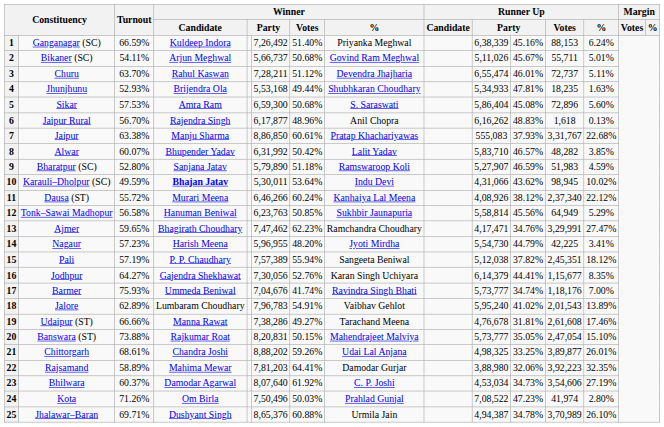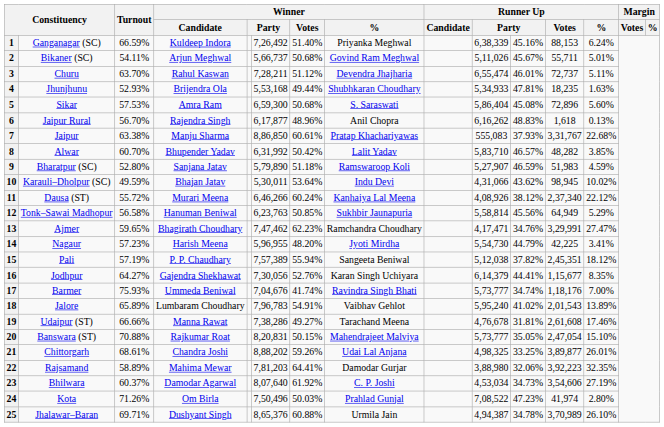 <table class="wikitable sortable" style="text-align:center;">
 <tr>
 <th colspan="2" rowspan="2">Constituency</th>
 <th rowspan="2">Turnout</th>
 <th colspan="5">Winner</th>
 <th colspan="5">Runner Up</th>
 <th colspan="2">Margin</th>
 </tr>
 <tr>
 <th>Candidate</th>
 <th colspan="2">Party</th>
 <th>Votes</th>
 <th>%</th>
 <th>Candidate</th>
 <th colspan="2">Party</th>
 <th>Votes</th>
 <th>%</th>
 <th>Votes</th>
 <th>%</th>
 </tr>
 <tr>
 <th>1</th>
 <td><a href='#'>Ganganagar</a> (SC)</td>
 <td>66.59%</td>
 <td><a href='#'>Kuldeep Indora</a></td>
 <td></td>
 <td>7,26,492</td>
 <td>51.40%</td>
 <td>Priyanka Meghwal</td>
 <td></td>
 <td>6,38,339</td>
 <td>45.16%</td>
 <td style="background:">88,153</td>
 <td style="background:">6.24%</td>
 </tr>
 <tr>
 <th>2</th>
 <td><a href='#'>Bikaner</a> (SC)</td>
 <td>54.11%</td>
 <td><a href='#'>Arjun Meghwal</a></td>
 <td></td>
 <td>5,66,737</td>
 <td>50.68%</td>
 <td><a href='#'>Govind Ram Meghwal</a></td>
 <td></td>
 <td>5,11,026</td>
 <td>45.67%</td>
 <td style="background:">55,711</td>
 <td style="background:">5.01%</td>
 </tr>
 <tr>
 <th>3</th>
 <td><a href='#'>Churu</a></td>
 <td>63.70%</td>
 <td><a href='#'>Rahul Kaswan</a></td>
 <td></td>
 <td>7,28,211</td>
 <td>51.12%</td>
 <td><a href='#'>Devendra Jhajharia</a></td>
 <td></td>
 <td>6,55,474</td>
 <td>46.01%</td>
 <td style="background:">72,737</td>
 <td style="background:">5.11%</td>
 </tr>
 <tr>
 <th>4</th>
 <td><a href='#'>Jhunjhunu</a></td>
 <td>52.93%</td>
 <td><a href='#'>Brijendra Ola</a></td>
 <td></td>
 <td>5,53,168</td>
 <td>49.44%</td>
 <td><a href='#'>Shubhkaran Choudhary</a></td>
 <td></td>
 <td>5,34,933</td>
 <td>47.81%</td>
 <td style="background:">18,235</td>
 <td style="background:">1.63%</td>
 </tr>
 <tr>
 <th>5</th>
 <td><a href='#'>Sikar</a></td>
 <td>57.53%</td>
 <td><a href='#'>Amra Ram</a></td>
 <td></td>
 <td>6,59,300</td>
 <td>50.68%</td>
 <td><a href='#'>S. Saraswati</a></td>
 <td></td>
 <td>5,86,404</td>
 <td>45.08%</td>
 <td style="background:">72,896</td>
 <td style="background:">5.60%</td>
 </tr>
 <tr>
 <th>6</th>
 <td><a href='#'>Jaipur Rural</a></td>
 <td>56.70%</td>
 <td><a href='#'>Rajendra Singh</a></td>
 <td></td>
 <td>6,17,877</td>
 <td>48.96%</td>
 <td>Anil Chopra</td>
 <td></td>
 <td>6,16,262</td>
 <td>48.83%</td>
 <td style="background:">1,618</td>
 <td style="background:">0.13%</td>
 </tr>
 <tr>
 <th>7</th>
 <td><a href='#'>Jaipur</a></td>
 <td>63.38%</td>
 <td><a href='#'>Manju Sharma</a></td>
 <td></td>
 <td>8,86,850</td>
 <td>60.61%</td>
 <td><a href='#'>Pratap Khachariyawas</a></td>
 <td></td>
 <td>555,083</td>
 <td>37.93%</td>
 <td style="background:">3,31,767</td>
 <td style="background:">22.68%</td>
 </tr>
 <tr>
 <th>8</th>
 <td><a href='#'>Alwar</a></td>
-<td>60.07%</td>
+<td>60.70%</td>
 <td><a href='#'>Bhupender Yadav</a></td>
 <td></td>
 <td>6,31,992</td>
 <td>50.42%</td>
 <td><a href='#'>Lalit Yadav</a></td>
 <td></td>
 <td>5,83,710</td>
 <td>46.57%</td>
 <td style="background:">48,282</td>
 <td style="background:">3.85%</td>
 </tr>
 <tr>
 <th>9</th>
 <td><a href='#'>Bharatpur</a> (SC)</td>
 <td>52.80%</td>
 <td><a href='#'>Sanjana Jatav</a></td>
 <td></td>
 <td>5,79,890</td>
 <td>51.18%</td>
 <td><a href='#'>Ramswaroop Koli</a></td>
 <td></td>
 <td>5,27,907</td>
 <td>46.59%</td>
 <td style="background:">51,983</td>
 <td style="background:">4.59%</td>
 </tr>
 <tr>
 <th>10</th>
 <td><a href='#'>Karauli–Dholpur</a> (SC)</td>
 <td>49.59%</td>
-<td><strong><a href='#'>Bhajan Jatav</a></strong></td>
+<td><a href='#'>Bhajan Jatav</a></td>
 <td></td>
 <td>5,30,011</td>
 <td>53.64%</td>
 <td><a href='#'>Indu Devi</a></td>
 <td></td>
 <td>4,31,066</td>
 <td>43.62%</td>
 <td style="background:">98,945</td>
 <td style="background:">10.02%</td>
 </tr>
 <tr>
 <th>11</th>
 <td><a href='#'>Dausa</a> (ST)</td>
 <td>55.72%</td>
 <td><a href='#'>Murari Meena</a></td>
 <td></td>
 <td>6,46,266</td>
 <td>60.24%</td>
 <td><a href='#'>Kanhaiya Lal Meena</a></td>
 <td></td>
 <td>4,08,926</td>
 <td>38.12%</td>
 <td style="background:">2,37,340</td>
 <td style="background:">22.12%</td>
 </tr>
 <tr>
 <th>12</th>
 <td><a href='#'>Tonk–Sawai Madhopur</a></td>
 <td>56.58%</td>
 <td><a href='#'>Hanuman Beniwal</a></td>
 <td></td>
 <td>6,23,763</td>
 <td>50.85%</td>
 <td><a href='#'>Sukhbir Jaunapuria</a></td>
 <td></td>
 <td>5,58,814</td>
 <td>45.56%</td>
 <td style="background:">64,949</td>
 <td style="background:">5.29%</td>
 </tr>
 <tr>
 <th>13</th>
 <td><a href='#'>Ajmer</a></td>
 <td>59.65%</td>
 <td><a href='#'>Bhagirath Choudhary</a></td>
 <td></td>
 <td>7,47,462</td>
 <td>62.23%</td>
 <td>Ramchandra Choudhary</td>
 <td></td>
 <td>4,17,471</td>
 <td>34.76%</td>
 <td style="background:">3,29,991</td>
 <td style="background:">27.47%</td>
 </tr>
 <tr>
 <th>14</th>
 <td><a href='#'>Nagaur</a></td>
 <td>57.23%</td>
 <td><a href='#'>Harish Meena</a></td>
 <td></td>
 <td>5,96,955</td>
 <td>48.20%</td>
 <td><a href='#'>Jyoti Mirdha</a></td>
 <td></td>
 <td>5,54,730</td>
 <td>44.79%</td>
 <td style="background:">42,225</td>
 <td style="background:">3.41%</td>
 </tr>
 <tr>
 <th>15</th>
 <td><a href='#'>Pali</a></td>
 <td>57.19%</td>
 <td><a href='#'>P. P. Chaudhary</a></td>
 <td></td>
 <td>7,57,389</td>
 <td>55.94%</td>
 <td>Sangeeta Beniwal</td>
 <td></td>
 <td>5,12,038</td>
 <td>37.82%</td>
 <td style="background:">2,45,351</td>
 <td style="background:">18.12%</td>
 </tr>
 <tr>
 <th>16</th>
 <td><a href='#'>Jodhpur</a></td>
 <td>64.27%</td>
 <td><a href='#'>Gajendra Shekhawat</a></td>
 <td></td>
 <td>7,30,056</td>
 <td>52.76%</td>
 <td>Karan Singh Uchiyara</td>
 <td></td>
 <td>6,14,379</td>
 <td>44.41%</td>
 <td style="background:">1,15,677</td>
 <td style="background:">8.35%</td>
 </tr>
 <tr>
 <th>17</th>
 <td><a href='#'>Barmer</a></td>
 <td>75.93%</td>
 <td><a href='#'>Ummeda Beniwal</a></td>
 <td></td>
 <td>7,04,676</td>
 <td>41.74%</td>
 <td><a href='#'>Ravindra Singh Bhati</a></td>
 <td></td>
 <td>5,73,777</td>
 <td>34.74%</td>
 <td style="background:">1,18,176</td>
 <td style="background:">7.00%</td>
 </tr>
 <tr>
 <th>18</th>
 <td><a href='#'>Jalore</a></td>
-<td>62.89%</td>
+<td>65.89%</td>
 <td>Lumbaram Choudhary</td>
 <td></td>
 <td>7,96,783</td>
 <td>54.91%</td>
 <td>Vaibhav Gehlot</td>
 <td></td>
 <td>5,95,240</td>
 <td>41.02%</td>
 <td style="background:">2,01,543</td>
 <td style="background:">13.89%</td>
 </tr>
 <tr>
 <th>19</th>
 <td><a href='#'>Udaipur</a> (ST)</td>
 <td>66.66%</td>
 <td><a href='#'>Manna Rawat</a></td>
 <td></td>
 <td>7,38,286</td>
 <td>49.27%</td>
 <td>Tarachand Meena</td>
 <td></td>
 <td>4,76,678</td>
 <td>31.81%</td>
 <td style="background:">2,61,608</td>
 <td style="background:">17.46%</td>
 </tr>
 <tr>
 <th>20</th>
 <td><a href='#'>Banswara</a> (ST)</td>
-<td>73.88%</td>
+<td>70.88%</td>
 <td><a href='#'>Rajkumar Roat</a></td>
 <td></td>
 <td>8,20,831</td>
 <td>50.15%</td>
 <td><a href='#'>Mahendrajeet Malviya</a></td>
 <td></td>
 <td>5,73,777</td>
 <td>35.05%</td>
 <td style="background:">2,47,054</td>
 <td style="background:">15.10%</td>
 </tr>
 <tr>
 <th>21</th>
 <td><a href='#'>Chittorgarh</a></td>
 <td>68.61%</td>
 <td><a href='#'>Chandra Joshi</a></td>
 <td></td>
 <td>8,88,202</td>
 <td>59.26%</td>
 <td><a href='#'>Udai Lal Anjana</a></td>
 <td></td>
 <td>4,98,325</td>
 <td>33.25%</td>
 <td style="background:">3,89,877</td>
 <td style="background:">26.01%</td>
 </tr>
 <tr>
 <th>22</th>
 <td><a href='#'>Rajsamand</a></td>
 <td>58.89%</td>
 <td><a href='#'>Mahima Mewar</a></td>
 <td></td>
 <td>7,81,203</td>
 <td>64.41%</td>
 <td>Damodar Gurjar</td>
 <td></td>
 <td>3,88,980</td>
 <td>32.06%</td>
 <td style="background:">3,92,223</td>
 <td style="background:">32.35%</td>
 </tr>
 <tr>
 <th>23</th>
 <td><a href='#'>Bhilwara</a></td>
 <td>60.37%</td>
 <td><a href='#'>Damodar Agarwal</a></td>
 <td></td>
 <td>8,07,640</td>
 <td>61.92%</td>
 <td><a href='#'>C. P. Joshi</a></td>
 <td></td>
 <td>4,53,034</td>
 <td>34.73%</td>
 <td style="background:">3,54,606</td>
 <td style="background:">27.19%</td>
 </tr>
 <tr>
 <th>24</th>
 <td><a href='#'>Kota</a></td>
 <td>71.26%</td>
 <td><a href='#'>Om Birla</a></td>
 <td></td>
 <td>7,50,496</td>
 <td>50.03%</td>
 <td><a href='#'>Prahlad Gunjal</a></td>
 <td></td>
 <td>7,08,522</td>
 <td>47.23%</td>
 <td style="background:">41,974</td>
 <td style="background:">2.80%</td>
 </tr>
 <tr>
 <th>25</th>
 <td><a href='#'>Jhalawar–Baran</a></td>
 <td>69.71%</td>
 <td><a href='#'>Dushyant Singh</a></td>
 <td></td>
 <td>8,65,376</td>
 <td>60.88%</td>
 <td>Urmila Jain</td>
 <td></td>
 <td>4,94,387</td>
 <td>34.78%</td>
 <td style="background:">3,70,989</td>
 <td style="background:">26.10%</td>
 </tr>
 </table>
